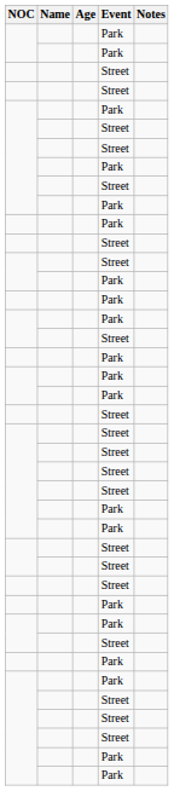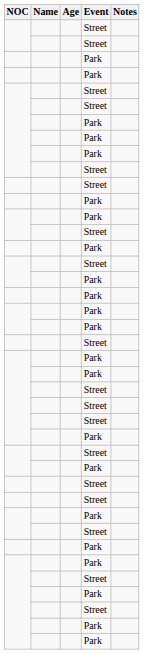 <table class="wikitable sortable">
 <tr>
 <th>NOC</th>
 <th>Name</th>
 <th>Age</th>
 <th>Event</th>
 <th>Notes</th>
 </tr>
 <tr>
 <td rowspan="2"></td>
 <td></td>
 <td></td>
-<td>Park</td>
-<td></td>
-</tr>
-<tr>
-<td></td>
-<td></td>
-<td>Park</td>
-<td></td>
-</tr>
-<tr>
-<td></td>
-<td></td>
-<td></td>
 <td>Street</td>
-<td></td>
-</tr>
-<tr>
-<td></td>
-<td></td>
-<td></td>
-<td>Street</td>
-<td></td>
-</tr>
-<tr>
-<td rowspan="6"></td>
-<td></td>
-<td></td>
-<td>Park</td>
-<td></td>
-</tr>
-<tr>
-<td></td>
-<td></td>
-<td>Street</td>
-<td></td>
-</tr>
-<tr>
-<td></td>
-<td></td>
-<td>Street</td>
-<td></td>
-</tr>
-<tr>
-<td></td>
-<td></td>
-<td>Park</td>
-<td></td>
-</tr>
-<tr>
-<td></td>
-<td></td>
-<td>Street</td>
-<td></td>
-</tr>
-<tr>
-<td></td>
-<td></td>
-<td>Park</td>
-<td></td>
-</tr>
-<tr>
-<td></td>
-<td></td>
-<td></td>
-<td>Park</td>
-<td></td>
-</tr>
-<tr>
-<td></td>
-<td></td>
-<td></td>
-<td>Street</td>
-<td></td>
-</tr>
-<tr>
-<td rowspan="2"></td>
-<td></td>
-<td></td>
-<td>Street</td>
-<td></td>
-</tr>
-<tr>
-<td></td>
-<td></td>
-<td>Park</td>
-<td></td>
-</tr>
-<tr>
-<td></td>
-<td></td>
-<td></td>
-<td>Park</td>
-<td></td>
-</tr>
-<tr>
-<td rowspan="2"></td>
-<td></td>
-<td></td>
-<td>Park</td>
 <td></td>
 </tr>
 <tr>
 <td></td>
 <td></td>
 <td>Street</td>
 <td></td>
 </tr>
 <tr>
 <td></td>
 <td></td>
 <td></td>
 <td>Park</td>
 <td></td>
 </tr>
 <tr>
-<td rowspan="2"></td>
+<td></td>
 <td></td>
 <td></td>
 <td>Park</td>
 <td></td>
 </tr>
 <tr>
-<td></td>
-<td></td>
-<td>Park</td>
-<td></td>
-</tr>
-<tr>
-<td></td>
-<td></td>
-<td></td>
-<td>Street</td>
-<td></td>
-</tr>
-<tr>
 <td rowspan="6"></td>
-<td></td>
-<td></td>
-<td>Street</td>
-<td></td>
-</tr>
-<tr>
-<td></td>
-<td></td>
-<td>Street</td>
-<td></td>
-</tr>
-<tr>
 <td></td>
 <td></td>
 <td>Street</td>
 <td></td>
 </tr>
 <tr>
 <td></td>
 <td></td>
 <td>Street</td>
 <td></td>
 </tr>
 <tr>
 <td></td>
 <td></td>
 <td>Park</td>
 <td></td>
 </tr>
 <tr>
 <td></td>
 <td></td>
 <td>Park</td>
 <td></td>
 </tr>
 <tr>
-<td rowspan="2"></td>
 <td></td>
 <td></td>
-<td>Street</td>
+<td>Park</td>
 <td></td>
 </tr>
 <tr>
 <td></td>
 <td></td>
 <td>Street</td>
 <td></td>
 </tr>
 <tr>
 <td></td>
 <td></td>
 <td></td>
 <td>Street</td>
 <td></td>
 </tr>
 <tr>
 <td></td>
 <td></td>
 <td></td>
 <td>Park</td>
 <td></td>
 </tr>
 <tr>
 <td rowspan="2"></td>
 <td></td>
 <td></td>
 <td>Park</td>
 <td></td>
 </tr>
 <tr>
 <td></td>
 <td></td>
 <td>Street</td>
 <td></td>
 </tr>
 <tr>
 <td></td>
 <td></td>
 <td></td>
 <td>Park</td>
 <td></td>
 </tr>
 <tr>
+<td rowspan="2"></td>
+<td></td>
+<td></td>
+<td>Street</td>
+<td></td>
+</tr>
+<tr>
+<td></td>
+<td></td>
+<td>Park</td>
+<td></td>
+</tr>
+<tr>
+<td></td>
+<td></td>
+<td></td>
+<td>Park</td>
+<td></td>
+</tr>
+<tr>
+<td rowspan="2"></td>
+<td></td>
+<td></td>
+<td>Park</td>
+<td></td>
+</tr>
+<tr>
+<td></td>
+<td></td>
+<td>Park</td>
+<td></td>
+</tr>
+<tr>
+<td></td>
+<td></td>
+<td></td>
+<td>Street</td>
+<td></td>
+</tr>
+<tr>
 <td rowspan="6"></td>
+<td></td>
+<td></td>
+<td>Park</td>
+<td></td>
+</tr>
+<tr>
 <td></td>
 <td></td>
 <td>Park</td>
 <td></td>
 </tr>
 <tr>
 <td></td>
 <td></td>
 <td>Street</td>
 <td></td>
 </tr>
 <tr>
 <td></td>
 <td></td>
 <td>Street</td>
 <td></td>
 </tr>
 <tr>
 <td></td>
 <td></td>
 <td>Street</td>
 <td></td>
 </tr>
 <tr>
 <td></td>
 <td></td>
 <td>Park</td>
 <td></td>
 </tr>
 <tr>
+<td rowspan="2"></td>
+<td></td>
+<td></td>
+<td>Street</td>
+<td></td>
+</tr>
+<tr>
+<td></td>
+<td></td>
+<td>Park</td>
+<td></td>
+</tr>
+<tr>
+<td></td>
+<td></td>
+<td></td>
+<td>Street</td>
+<td></td>
+</tr>
+<tr>
+<td></td>
+<td></td>
+<td></td>
+<td>Street</td>
+<td></td>
+</tr>
+<tr>
+<td rowspan="2"></td>
+<td></td>
+<td></td>
+<td>Park</td>
+<td></td>
+</tr>
+<tr>
+<td></td>
+<td></td>
+<td>Street</td>
+<td></td>
+</tr>
+<tr>
+<td></td>
+<td></td>
+<td></td>
+<td>Park</td>
+<td></td>
+</tr>
+<tr>
+<td rowspan="6"></td>
+<td></td>
+<td></td>
+<td>Park</td>
+<td></td>
+</tr>
+<tr>
+<td></td>
+<td></td>
+<td>Street</td>
+<td></td>
+</tr>
+<tr>
+<td></td>
+<td></td>
+<td>Park</td>
+<td></td>
+</tr>
+<tr>
+<td></td>
+<td></td>
+<td>Street</td>
+<td></td>
+</tr>
+<tr>
+<td></td>
+<td></td>
+<td>Park</td>
+<td></td>
+</tr>
+<tr>
 <td></td>
 <td></td>
 <td>Park</td>
 <td></td>
 </tr>
 </table>
